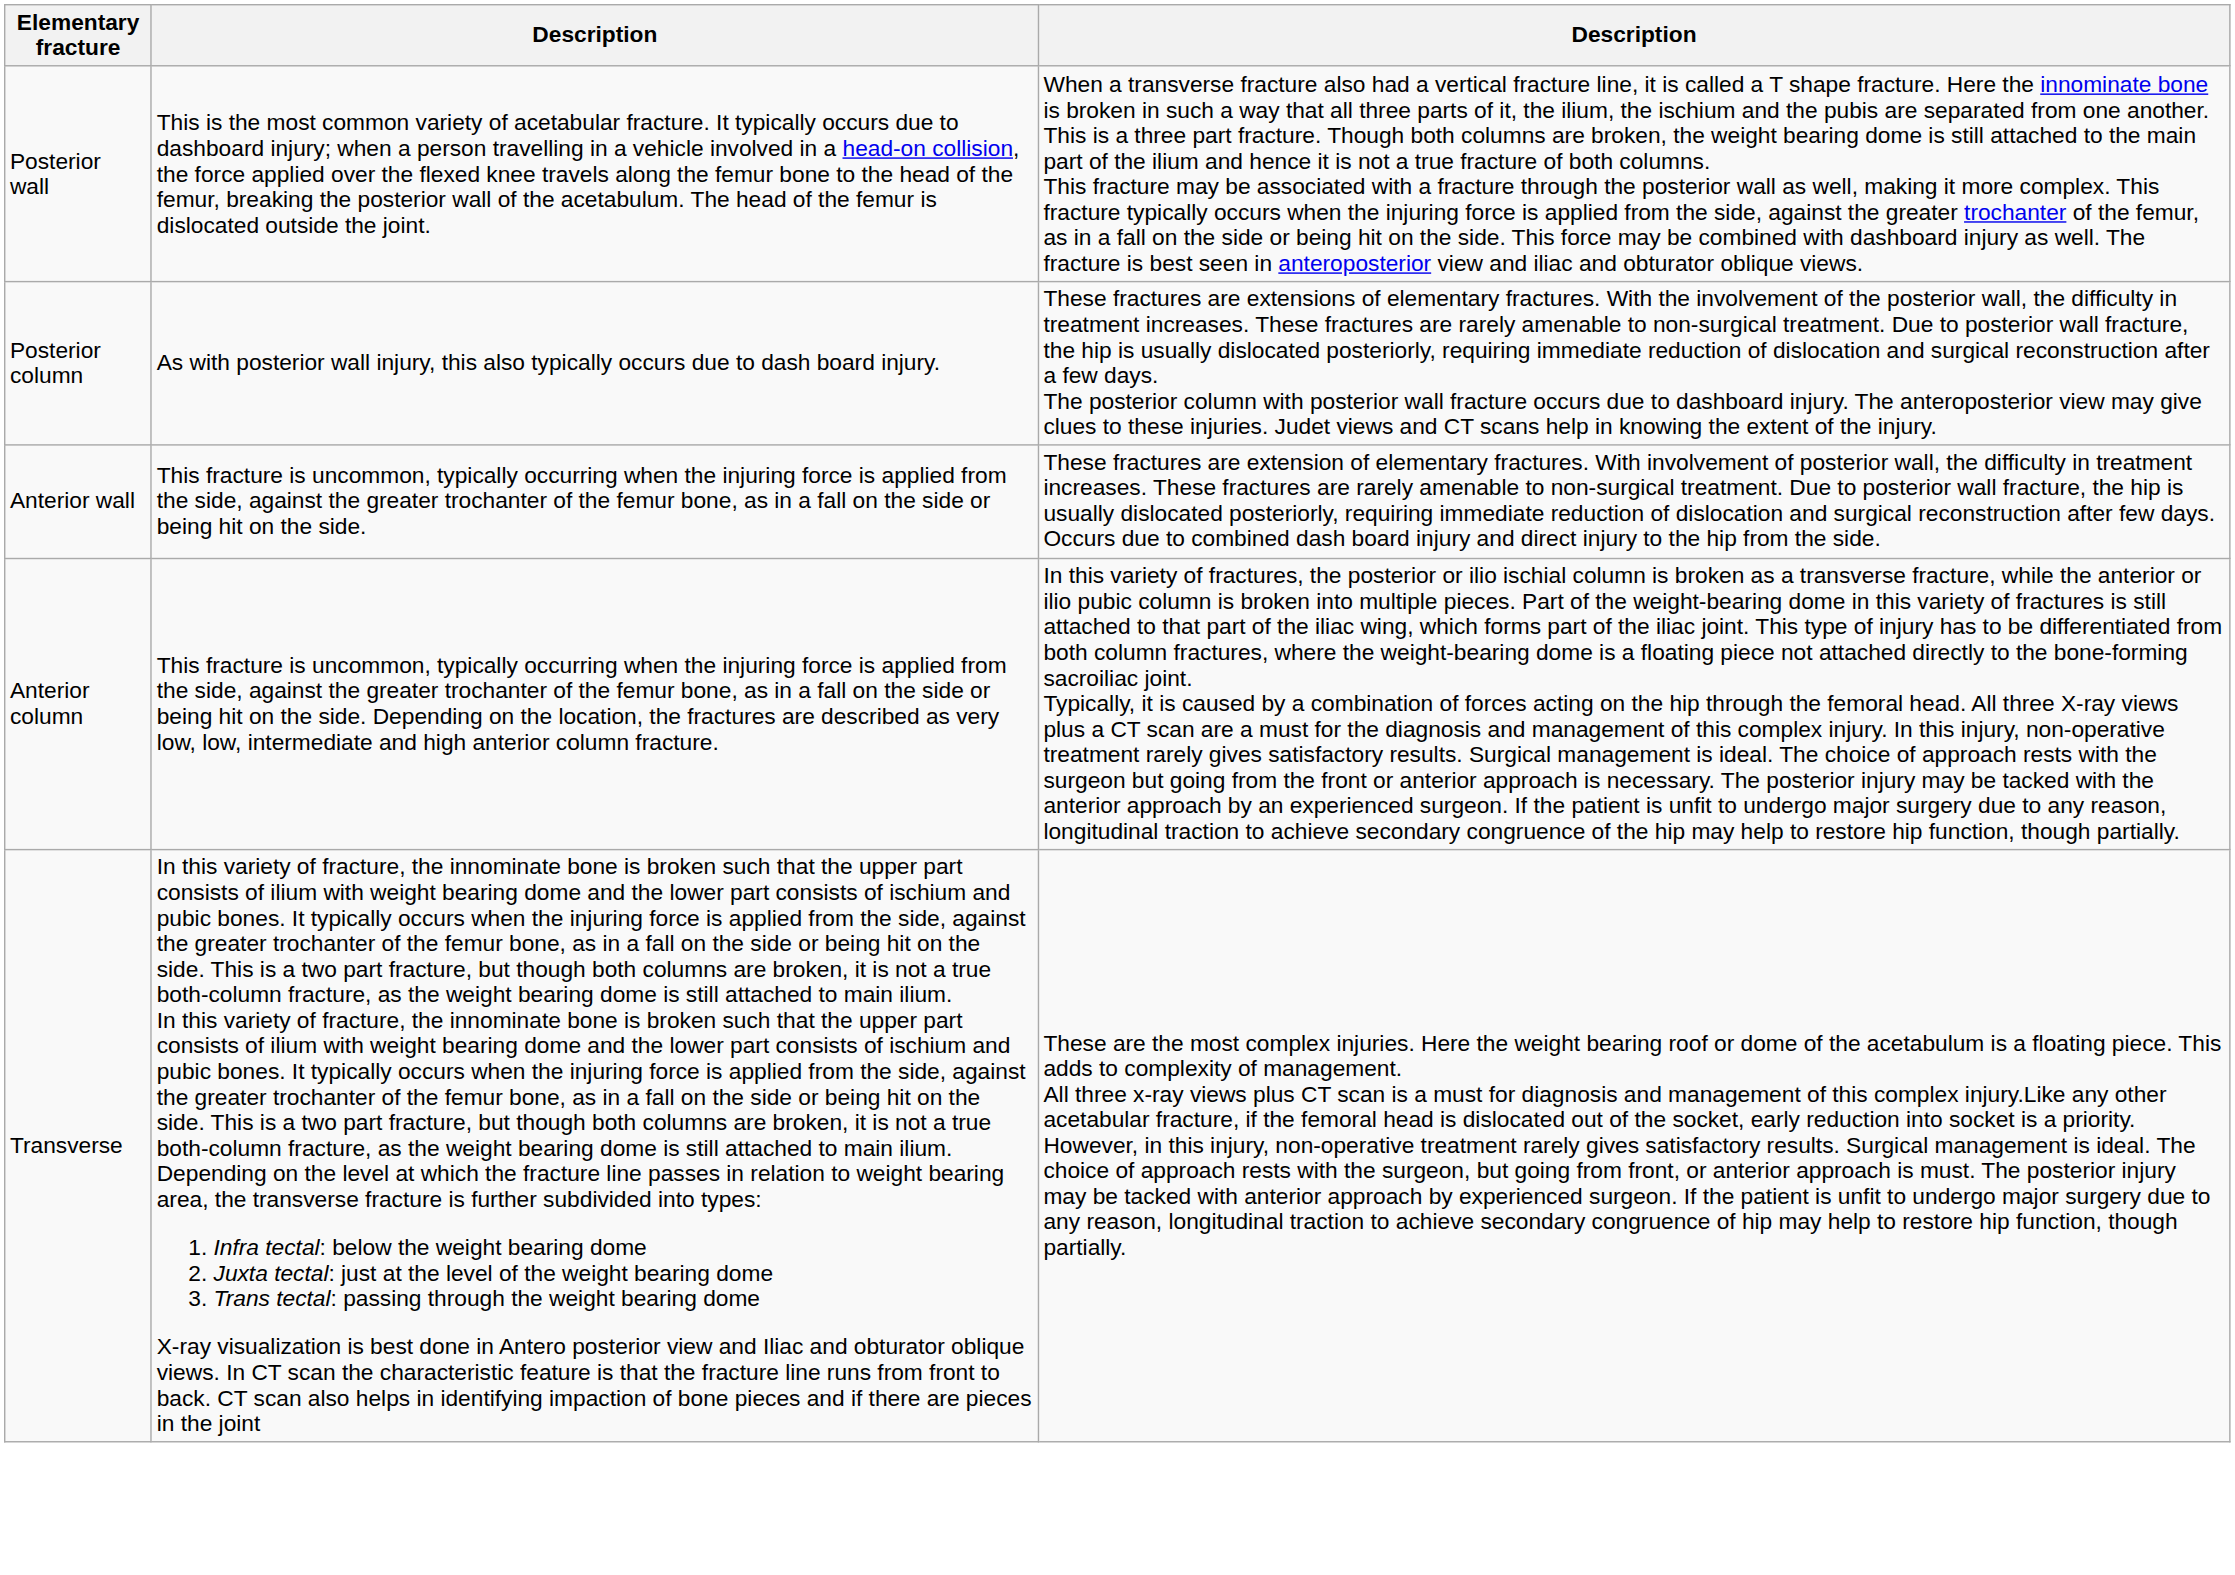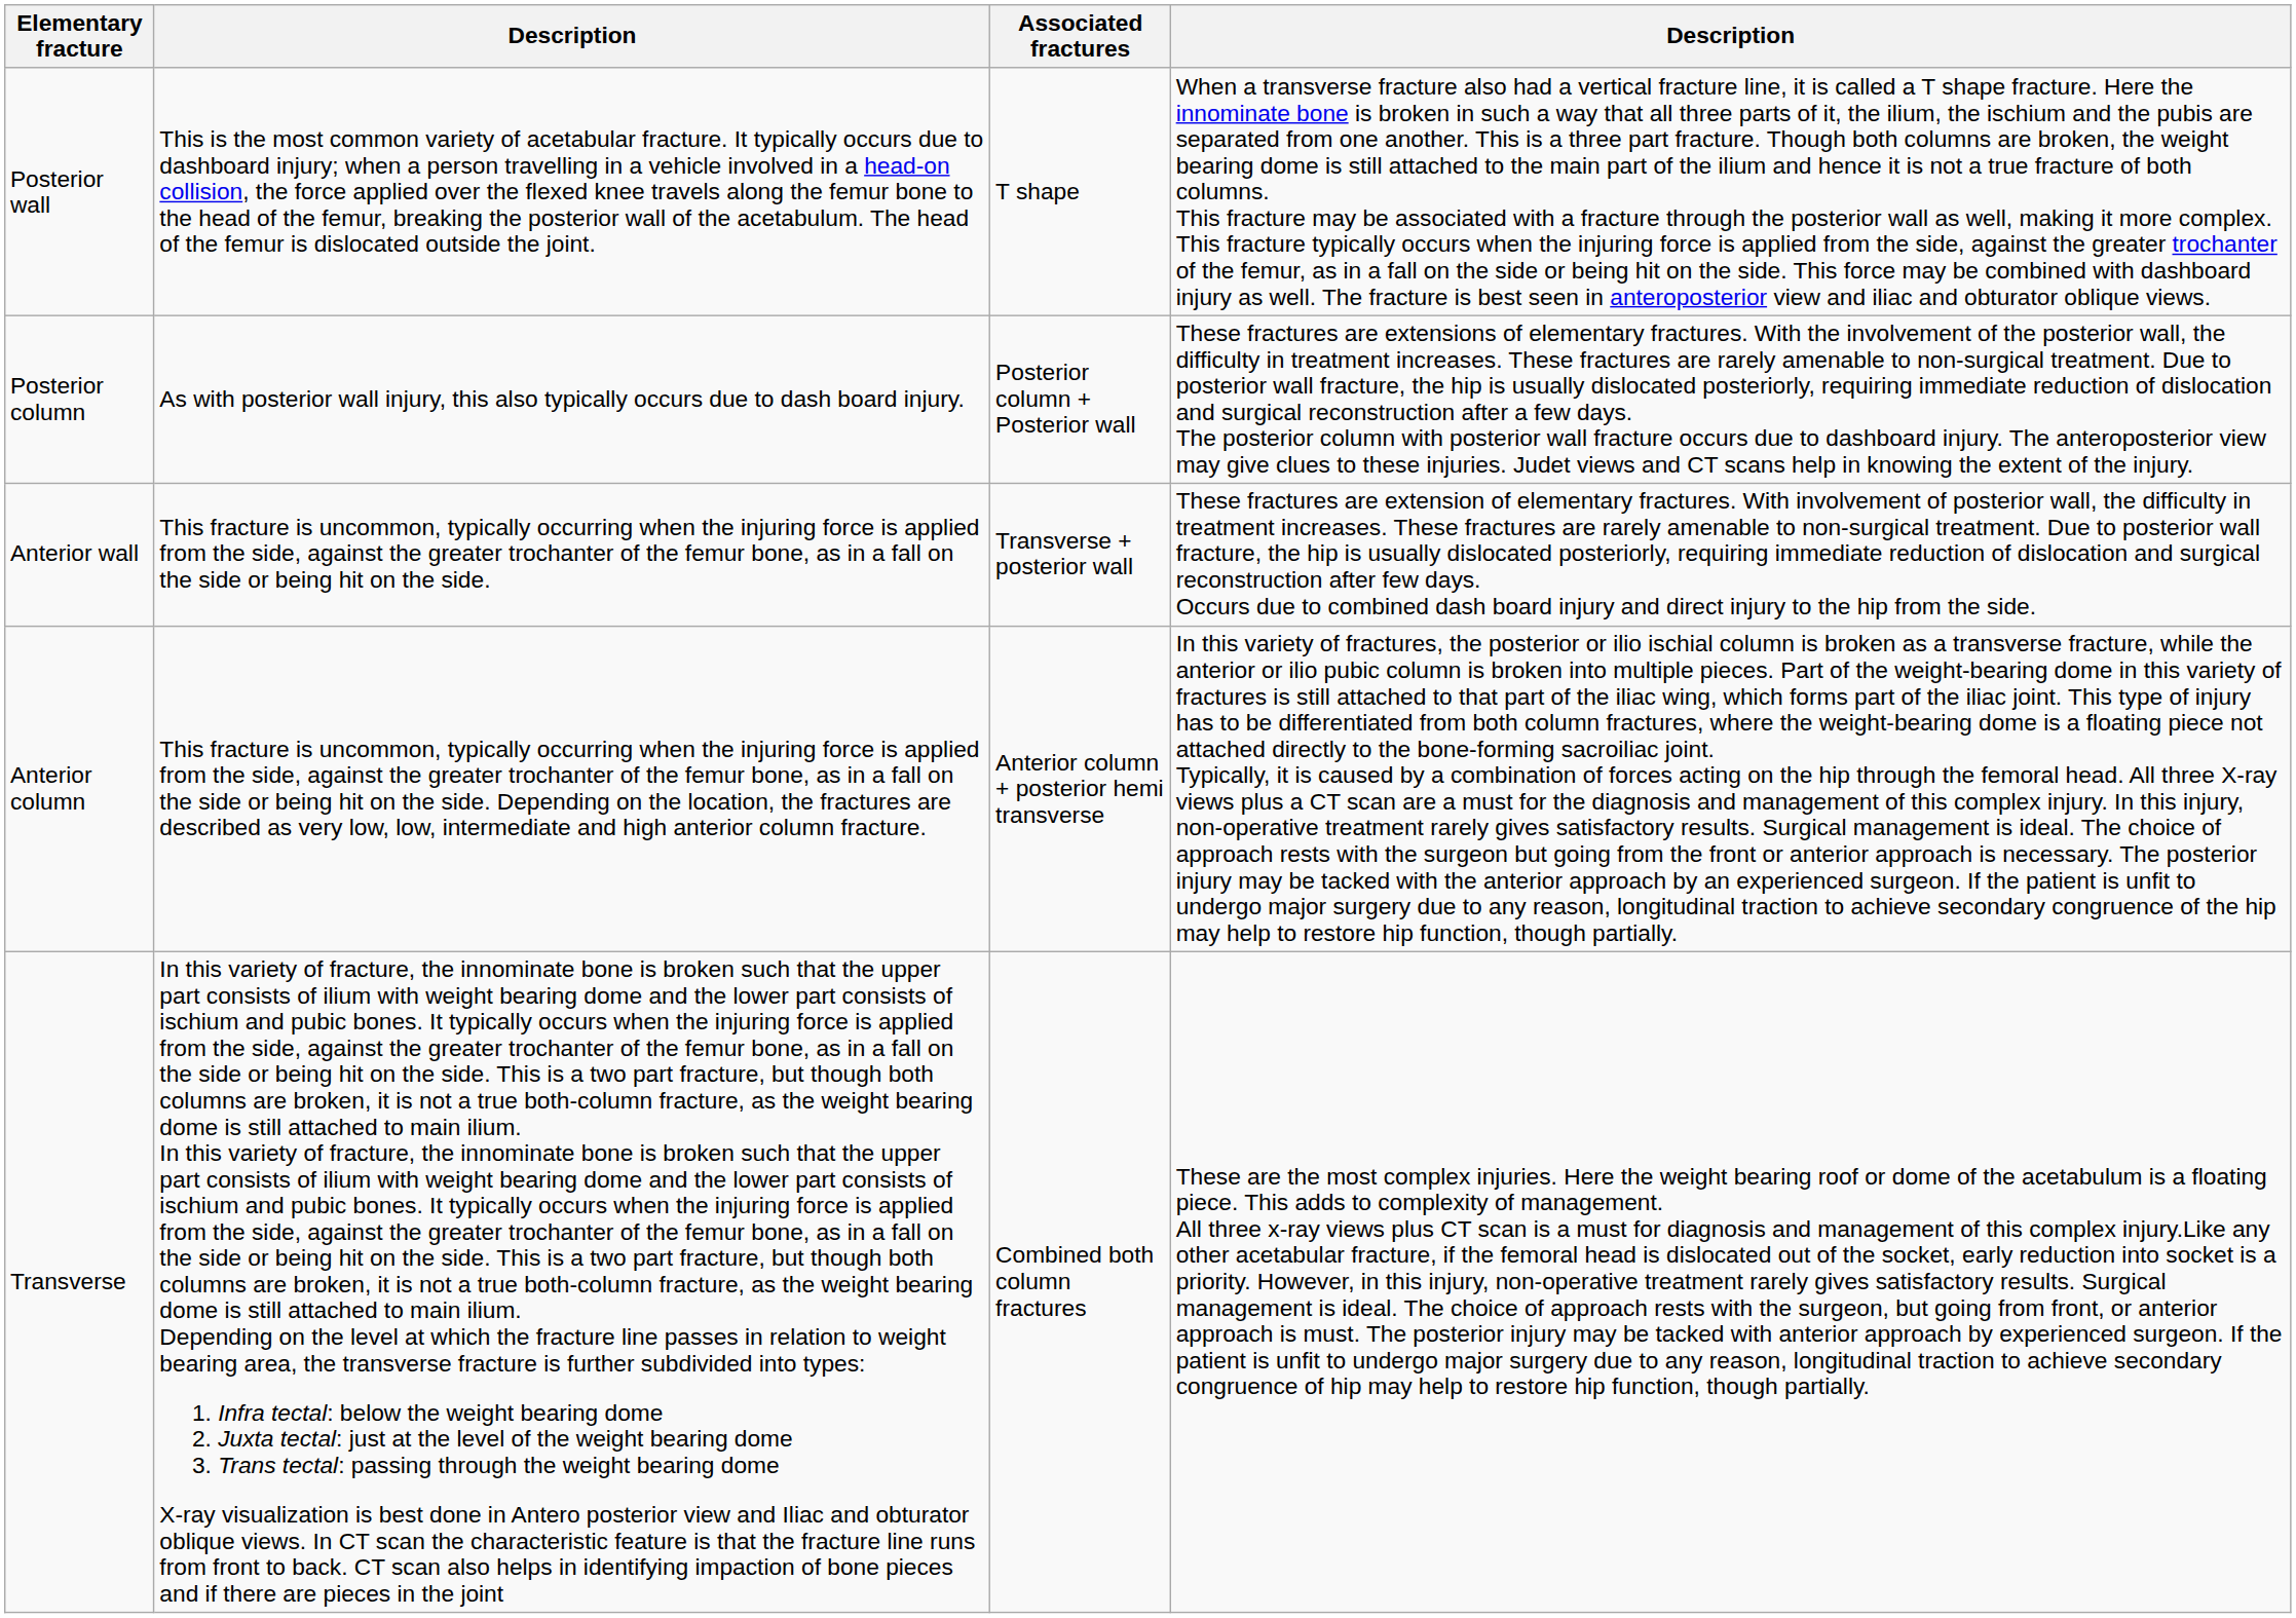 <table class="wikitable">
 <tr>
 <th>Elementary fracture</th>
 <th>Description</th>
+<th>Associated fractures</th>
 <th>Description</th>
 </tr>
 <tr>
 <td>Posterior wall</td>
 <td>This is the most common variety of acetabular fracture. It typically occurs due to dashboard injury; when a person travelling in a vehicle involved in a <a href='#'>head-on collision</a>, the force applied over the flexed knee travels along the femur bone to the head of the femur, breaking the posterior wall of the acetabulum. The head of the femur is dislocated outside the joint.</td>
+<td>T shape</td>
 <td>When a transverse fracture also had a vertical fracture line, it is called a T shape fracture. Here the <a href='#'>innominate bone</a> is broken in such a way that all three parts of it, the ilium, the ischium and the pubis are separated from one another. This is a three part fracture. Though both columns are broken, the weight bearing dome is still attached to the main part of the ilium and hence it is not a true fracture of both columns.<br>This fracture may be associated with a fracture through the posterior wall as well, making it more complex. This fracture typically occurs when the injuring force is applied from the side, against the greater <a href='#'>trochanter</a> of the femur, as in a fall on the side or being hit on the side. This force may be combined with dashboard injury as well. The fracture is best seen in <a href='#'>anteroposterior</a> view and iliac and obturator oblique views.</td>
 </tr>
 <tr>
 <td>Posterior column</td>
 <td>As with posterior wall injury, this also typically occurs due to dash board injury.</td>
+<td>Posterior column + Posterior wall</td>
 <td>These fractures are extensions of elementary fractures. With the involvement of the posterior wall, the difficulty in treatment increases. These fractures are rarely amenable to non-surgical treatment. Due to posterior wall fracture, the hip is usually dislocated posteriorly, requiring immediate reduction of dislocation and surgical reconstruction after a few days.<br>The posterior column with posterior wall fracture occurs due to dashboard injury. The anteroposterior view may give clues to these injuries. Judet views and CT scans help in knowing the extent of the injury.</td>
 </tr>
 <tr>
 <td>Anterior wall</td>
 <td>This fracture is uncommon, typically occurring when the injuring force is applied from the side, against the greater trochanter of the femur bone, as in a fall on the side or being hit on the side.</td>
+<td>Transverse + posterior wall</td>
 <td>These fractures are extension of elementary fractures. With involvement of posterior wall, the difficulty in treatment increases. These fractures are rarely amenable to non-surgical treatment. Due to posterior wall fracture, the hip is usually dislocated posteriorly, requiring immediate reduction of dislocation and surgical reconstruction after few days.<br>Occurs due to combined dash board injury and direct injury to the hip from the side.</td>
 </tr>
 <tr>
 <td>Anterior column</td>
 <td>This fracture is uncommon, typically occurring when the injuring force is applied from the side, against the greater trochanter of the femur bone, as in a fall on the side or being hit on the side. Depending on the location, the fractures are described as very low, low, intermediate and high anterior column fracture.</td>
+<td>Anterior column + posterior hemi transverse</td>
 <td>In this variety of fractures, the posterior or ilio ischial column is broken as a transverse fracture, while the anterior or ilio pubic column is broken into multiple pieces. Part of the weight-bearing dome in this variety of fractures is still attached to that part of the iliac wing, which forms part of the iliac joint. This type of injury has to be differentiated from both column fractures, where the weight-bearing dome is a floating piece not attached directly to the bone-forming sacroiliac joint.<br>Typically, it is caused by a combination of forces acting on the hip through the femoral head. All three X-ray views plus a CT scan are a must for the diagnosis and management of this complex injury. In this injury, non-operative treatment rarely gives satisfactory results. Surgical management is ideal. The choice of approach rests with the surgeon but going from the front or anterior approach is necessary. The posterior injury may be tacked with the anterior approach by an experienced surgeon. If the patient is unfit to undergo major surgery due to any reason, longitudinal traction to achieve secondary congruence of the hip may help to restore hip function, though partially.</td>
 </tr>
 <tr>
 <td>Transverse</td>
 <td>In this variety of fracture, the innominate bone is broken such that the upper part consists of ilium with weight bearing dome and the lower part consists of ischium and pubic bones. It typically occurs when the injuring force is applied from the side, against the greater trochanter of the femur bone, as in a fall on the side or being hit on the side. This is a two part fracture, but though both columns are broken, it is not a true both-column fracture, as the weight bearing dome is still attached to main ilium.<br>In this variety of fracture, the innominate bone is broken such that the upper part consists of ilium with weight bearing dome and the lower part consists of ischium and pubic bones. It typically occurs when the injuring force is applied from the side, against the greater trochanter of the femur bone, as in a fall on the side or being hit on the side. This is a two part fracture, but though both columns are broken, it is not a true both-column fracture, as the weight bearing dome is still attached to main ilium.<br>Depending on the level at which the fracture line passes in relation to weight bearing area, the transverse fracture is further subdivided into types:<ol><li><em>Infra tectal</em>: below the weight bearing dome</li><li><em>Juxta tectal</em>: just at the level of the weight bearing dome</li><li><em>Trans tectal</em>: passing through the weight bearing dome</li></ol>X-ray visualization is best done in Antero posterior view and Iliac and obturator oblique views. In CT scan the characteristic feature is that the fracture line runs from front to back. CT scan also helps in identifying impaction of bone pieces and if there are pieces in the joint</td>
+<td>Combined both column fractures</td>
 <td>These are the most complex injuries. Here the weight bearing roof or dome of the acetabulum is a floating piece. This adds to complexity of management.<br>All three x-ray views plus CT scan is a must for diagnosis and management of this complex injury.Like any other acetabular fracture, if the femoral head is dislocated out of the socket, early reduction into socket is a priority. However, in this injury, non-operative treatment rarely gives satisfactory results. Surgical management is ideal. The choice of approach rests with the surgeon, but going from front, or anterior approach is must. The posterior injury may be tacked with anterior approach by experienced surgeon. If the patient is unfit to undergo major surgery due to any reason, longitudinal traction to achieve secondary congruence of hip may help to restore hip function, though partially.</td>
 </tr>
 </table>
